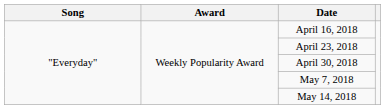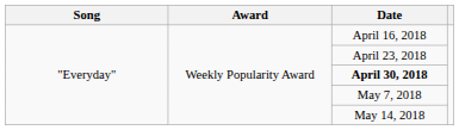 <table class="wikitable" style="table-layout: fixed; margin-right:0; text-align:center">
 <tr>
 <th width="200">Song</th>
 <th width="200">Award</th>
 <th width="140">Date</th>
 <th></th>
 </tr>
 <tr>
 <td rowspan="5">"Everyday"</td>
 <td rowspan="5" align="center">Weekly Popularity Award</td>
 <td align="center">April 16, 2018</td>
 <td rowspan="5" align="center"></td>
 </tr>
 <tr>
 <td align="center">April 23, 2018</td>
 </tr>
 <tr>
-<td align="center">April 30, 2018</td>
+<td align="center"><strong>April 30, 2018</strong></td>
 </tr>
 <tr>
 <td align="center">May 7, 2018</td>
 </tr>
 <tr>
 <td align="center">May 14, 2018</td>
 </tr>
 </table>
